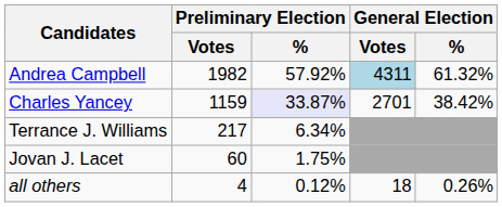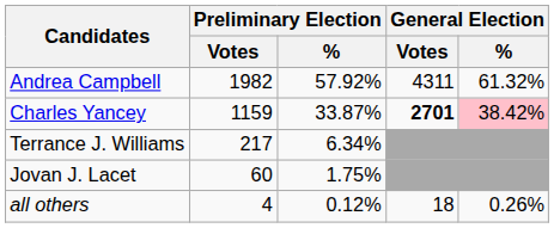 <table class=wikitable>
 <tr>
 <th colspan=1 rowspan=2><strong>Candidates</strong></th>
 <th colspan=2><strong>Preliminary Election</strong></th>
 <th colspan=2><strong>General Election</strong></th>
 </tr>
 <tr>
 <th>Votes</th>
 <th>%</th>
 <th>Votes</th>
 <th>%</th>
 </tr>
 <tr>
 <td><a href='#'>Andrea Campbell</a></td>
 <td align="right">1982</td>
 <td align="right">57.92%</td>
-<td align="right" style="background: lightblue;">4311</td>
+<td align="right">4311</td>
 <td align="right">61.32%</td>
 </tr>
 <tr>
 <td><a href='#'>Charles Yancey</a></td>
 <td align="right">1159</td>
-<td align="right" style="background: lavender;">33.87%</td>
-<td align="right">2701</td>
-<td align="right">38.42%</td>
+<td align="right">33.87%</td>
+<td align="right"><strong>2701</strong></td>
+<td align="right" style="background: pink;">38.42%</td>
 </tr>
 <tr>
 <td>Terrance J. Williams</td>
 <td align="right">217</td>
 <td align="right">6.34%</td>
 <td colspan=2 bgcolor=darkgray> </td>
 </tr>
 <tr>
 <td>Jovan J. Lacet</td>
 <td align="right">60</td>
 <td align="right">1.75%</td>
 <td colspan=2 bgcolor=darkgray> </td>
 </tr>
 <tr>
 <td><em>all others</em></td>
 <td align="right">4</td>
 <td align="right">0.12%</td>
 <td align="right">18</td>
 <td align="right">0.26%</td>
 </tr>
 </table>
